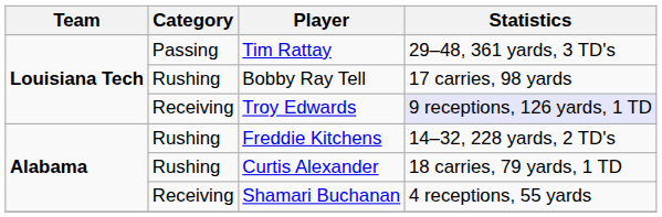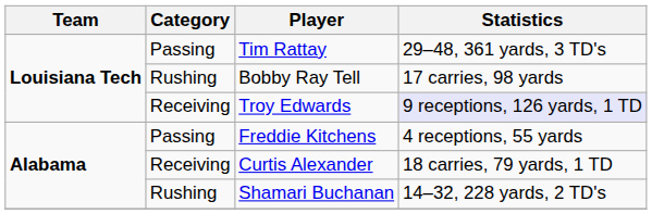 <table class="wikitable" style="float: right;">
 <tr>
 <th>Team</th>
 <th>Category</th>
 <th>Player</th>
 <th>Statistics</th>
 </tr>
 <tr>
 <td rowspan=3><strong>Louisiana Tech</strong></td>
 <td>Passing</td>
 <td><a href='#'>Tim Rattay</a></td>
 <td>29–48, 361 yards, 3 TD's</td>
 </tr>
 <tr>
 <td>Rushing</td>
 <td>Bobby Ray Tell</td>
 <td>17 carries, 98 yards</td>
 </tr>
 <tr>
 <td>Receiving</td>
 <td><a href='#'>Troy Edwards</a></td>
 <td style="background: lavender;">9 receptions, 126 yards, 1 TD</td>
 </tr>
 <tr>
 <td rowspan=3><strong>Alabama</strong></td>
-<td>Rushing</td>
+<td>Passing</td>
 <td><a href='#'>Freddie Kitchens</a></td>
-<td>14–32, 228 yards, 2 TD's</td>
+<td>4 receptions, 55 yards</td>
 </tr>
 <tr>
-<td>Rushing</td>
+<td>Receiving</td>
 <td><a href='#'>Curtis Alexander</a></td>
 <td>18 carries, 79 yards, 1 TD</td>
 </tr>
 <tr>
-<td>Receiving</td>
+<td>Rushing</td>
 <td><a href='#'>Shamari Buchanan</a></td>
-<td>4 receptions, 55 yards</td>
+<td>14–32, 228 yards, 2 TD's</td>
 </tr>
 <tr>
 </tr>
 </table>
